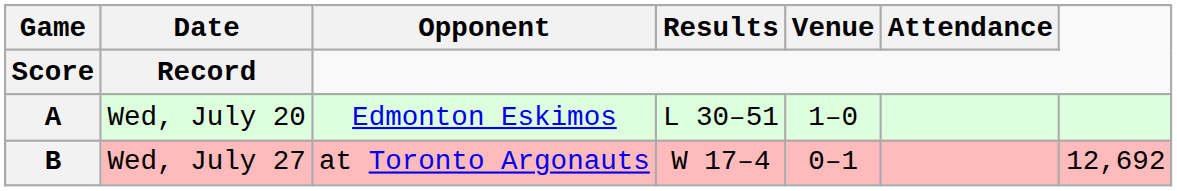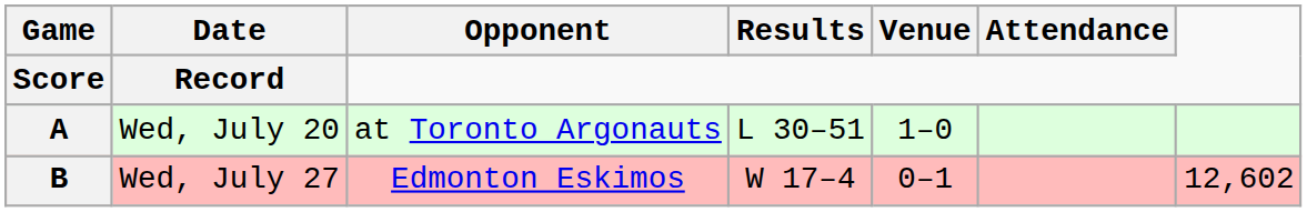 <table class="wikitable" style="text-align:center">
 <tr>
 <th>Game</th>
 <th>Date</th>
 <th>Opponent</th>
 <th>Results</th>
 <th>Venue</th>
 <th>Attendance</th>
 </tr>
 <tr>
 <th>Score</th>
 <th>Record</th>
 </tr>
 <tr style="background:#ddffdd">
 <th>A</th>
 <td>Wed, July 20</td>
-<td><a href='#'>Edmonton Eskimos</a></td>
+<td>at <a href='#'>Toronto Argonauts</a></td>
 <td>L 30–51</td>
 <td>1–0</td>
 <td></td>
 <td></td>
 </tr>
 <tr style="background:#ffbbbb">
 <th>B</th>
 <td>Wed, July 27</td>
-<td>at <a href='#'>Toronto Argonauts</a></td>
+<td><a href='#'>Edmonton Eskimos</a></td>
 <td>W 17–4</td>
 <td>0–1</td>
 <td></td>
-<td>12,692</td>
+<td>12,602</td>
 </tr>
 </table>
